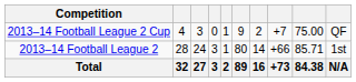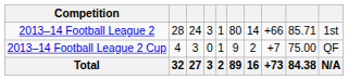 <table class="wikitable" style="text-align:center">
 <tr>
 <th>Competition</th>
 <th></th>
 <th></th>
 <th></th>
 <th></th>
 <th></th>
 <th></th>
 <th></th>
 <th></th>
 <th></th>
 </tr>
 <tr>
+<td><a href='#'>2013–14 Football League 2</a></td>
+<td>28</td>
+<td>24</td>
+<td>3</td>
+<td>1</td>
+<td>80</td>
+<td>14</td>
+<td>+66</td>
+<td>85.71</td>
+<td>1st</td>
+</tr>
+<tr>
 <td><a href='#'>2013–14 Football League 2 Cup</a></td>
 <td>4</td>
 <td>3</td>
 <td>0</td>
 <td>1</td>
 <td>9</td>
 <td>2</td>
 <td>+7</td>
 <td>75.00</td>
 <td>QF</td>
-</tr>
-<tr>
-<td><a href='#'>2013–14 Football League 2</a></td>
-<td>28</td>
-<td>24</td>
-<td>3</td>
-<td>1</td>
-<td>80</td>
-<td>14</td>
-<td>+66</td>
-<td>85.71</td>
-<td>1st</td>
 </tr>
 <tr>
 <th>Total</th>
 <th>32</th>
 <th>27</th>
 <th>3</th>
 <th>2</th>
 <th>89</th>
 <th>16</th>
 <th>+73</th>
 <th>84.38</th>
 <th>N/A</th>
 </tr>
 </table>
